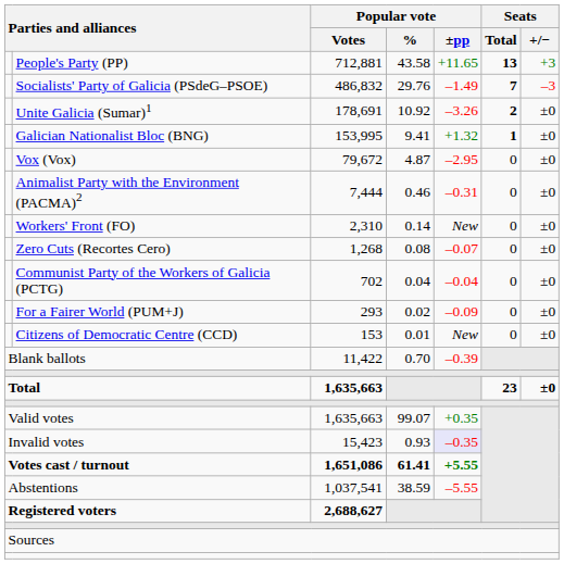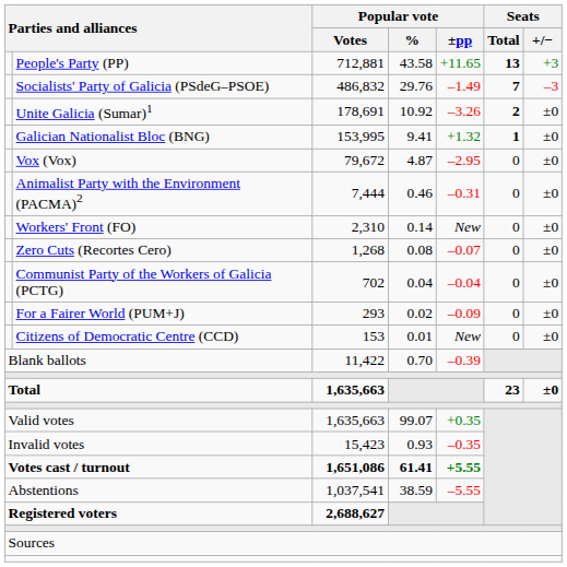 <table class="wikitable" style="text-align:right;">
 <tr>
 <th style="text-align:left;" rowspan="2" colspan="2" width="525">Parties and alliances</th>
 <th colspan="3">Popular vote</th>
 <th colspan="2">Seats</th>
 </tr>
 <tr>
 <th width="75">Votes</th>
 <th width="45">%</th>
 <th width="45">±<a href='#'>pp</a></th>
 <th width="35">Total</th>
 <th width="35">+/−</th>
 </tr>
 <tr>
 <td width="1" style="color:inherit;background:"></td>
 <td align="left"><a href='#'>People's Party</a> (PP)</td>
 <td>712,881</td>
 <td>43.58</td>
 <td style="color:green;">+11.65</td>
 <td><strong>13</strong></td>
 <td style="color:green;">+3</td>
 </tr>
 <tr>
 <td style="color:inherit;background:"></td>
 <td align="left"><a href='#'>Socialists' Party of Galicia</a> (PSdeG–PSOE)</td>
 <td>486,832</td>
 <td>29.76</td>
 <td style="color:red;">–1.49</td>
 <td><strong>7</strong></td>
 <td style="color:red;">–3</td>
 </tr>
 <tr>
 <td style="color:inherit;background:"></td>
 <td align="left"><a href='#'>Unite Galicia</a> (Sumar)<sup>1</sup></td>
 <td>178,691</td>
 <td>10.92</td>
 <td style="color:red;">–3.26</td>
 <td><strong>2</strong></td>
 <td>±0</td>
 </tr>
 <tr>
 <td style="color:inherit;background:"></td>
 <td align="left"><a href='#'>Galician Nationalist Bloc</a> (BNG)</td>
 <td>153,995</td>
 <td>9.41</td>
 <td style="color:green;">+1.32</td>
 <td><strong>1</strong></td>
 <td>±0</td>
 </tr>
 <tr>
 <td style="color:inherit;background:"></td>
 <td align="left"><a href='#'>Vox</a> (Vox)</td>
 <td>79,672</td>
 <td>4.87</td>
 <td style="color:red;">–2.95</td>
 <td>0</td>
 <td>±0</td>
 </tr>
 <tr>
 <td style="color:inherit;background:"></td>
 <td align="left"><a href='#'>Animalist Party with the Environment</a> (PACMA)<sup>2</sup></td>
 <td>7,444</td>
 <td>0.46</td>
 <td style="color:red;">–0.31</td>
 <td>0</td>
 <td>±0</td>
 </tr>
 <tr>
 <td style="color:inherit;background:"></td>
 <td align="left"><a href='#'>Workers' Front</a> (FO)</td>
 <td>2,310</td>
 <td>0.14</td>
 <td><em>New</em></td>
 <td>0</td>
 <td>±0</td>
 </tr>
 <tr>
 <td style="color:inherit;background:"></td>
 <td align="left"><a href='#'>Zero Cuts</a> (Recortes Cero)</td>
 <td>1,268</td>
 <td>0.08</td>
 <td style="color:red;">–0.07</td>
 <td>0</td>
 <td>±0</td>
 </tr>
 <tr>
 <td style="color:inherit;background:"></td>
 <td align="left"><a href='#'>Communist Party of the Workers of Galicia</a> (PCTG)</td>
 <td>702</td>
 <td>0.04</td>
 <td style="color:red;">–0.04</td>
 <td>0</td>
 <td>±0</td>
 </tr>
 <tr>
 <td style="color:inherit;background:"></td>
 <td align="left"><a href='#'>For a Fairer World</a> (PUM+J)</td>
 <td>293</td>
 <td>0.02</td>
 <td style="color:red;">–0.09</td>
 <td>0</td>
 <td>±0</td>
 </tr>
 <tr>
 <td style="color:inherit;background:"></td>
 <td align="left"><a href='#'>Citizens of Democratic Centre</a> (CCD)</td>
 <td>153</td>
 <td>0.01</td>
 <td><em>New</em></td>
 <td>0</td>
 <td>±0</td>
 </tr>
 <tr>
 <td align="left" colspan="2">Blank ballots</td>
 <td>11,422</td>
 <td>0.70</td>
 <td style="color:red;">–0.39</td>
 <td bgcolor="#E9E9E9" colspan="2"></td>
 </tr>
 <tr>
 <td colspan="7" bgcolor="#E9E9E9"></td>
 </tr>
 <tr style="font-weight:bold;">
 <td align="left" colspan="2">Total</td>
 <td>1,635,663</td>
 <td bgcolor="#E9E9E9" colspan="2"></td>
 <td>23</td>
 <td>±0</td>
 </tr>
 <tr>
 <td colspan="7" bgcolor="#E9E9E9"></td>
 </tr>
 <tr>
 <td align="left" colspan="2">Valid votes</td>
 <td>1,635,663</td>
 <td>99.07</td>
 <td style="color:green;">+0.35</td>
 <td bgcolor="#E9E9E9" colspan="2" rowspan="5"></td>
 </tr>
 <tr>
 <td align="left" colspan="2">Invalid votes</td>
 <td>15,423</td>
 <td>0.93</td>
-<td style="background: lavender; color:red;">–0.35</td>
+<td style="color:red;">–0.35</td>
 </tr>
 <tr style="font-weight:bold;">
 <td align="left" colspan="2">Votes cast / turnout</td>
 <td>1,651,086</td>
 <td>61.41</td>
 <td style="color:green;">+5.55</td>
 </tr>
 <tr>
 <td align="left" colspan="2">Abstentions</td>
 <td>1,037,541</td>
 <td>38.59</td>
 <td style="color:red;">–5.55</td>
 </tr>
 <tr style="font-weight:bold;">
 <td align="left" colspan="2">Registered voters</td>
 <td>2,688,627</td>
 <td bgcolor="#E9E9E9" colspan="2"></td>
 </tr>
 <tr>
 <td colspan="7" bgcolor="#E9E9E9"></td>
 </tr>
 <tr>
 <td align="left" colspan="7">Sources</td>
 </tr>
 <tr>
 <td colspan="7" style="text-align:left; max-width:790px;"></td>
 </tr>
 </table>
